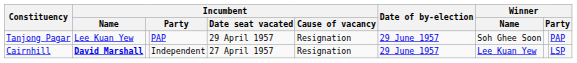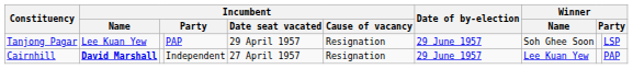 <table class="wikitable" border="1">
 <tr>
 <th rowspan="2">Constituency</th>
 <th colspan="5">Incumbent</th>
 <th rowspan="2">Date of by-election</th>
 <th colspan="3">Winner</th>
 </tr>
 <tr>
 <th>Name</th>
 <th colspan="2">Party</th>
 <th>Date seat vacated</th>
 <th>Cause of vacancy</th>
 <th>Name</th>
 <th colspan="2">Party</th>
 </tr>
 <tr>
 <td><a href='#'>Tanjong Pagar</a></td>
 <td><a href='#'>Lee Kuan Yew</a></td>
 <td></td>
 <td><a href='#'>PAP</a></td>
 <td>29 April 1957</td>
 <td>Resignation</td>
 <td><a href='#'>29 June 1957</a></td>
 <td>Soh Ghee Soon</td>
 <td></td>
-<td><a href='#'>PAP</a></td>
+<td><a href='#'>LSP</a></td>
 </tr>
 <tr>
 <td scope="row"><a href='#'>Cairnhill</a></td>
 <td><strong><a href='#'>David Marshall</a></strong></td>
 <td></td>
 <td>Independent</td>
 <td>27 April 1957</td>
 <td>Resignation</td>
 <td><a href='#'>29 June 1957</a></td>
 <td><a href='#'>Lee Kuan Yew</a></td>
 <td></td>
-<td><a href='#'>LSP</a></td>
+<td><a href='#'>PAP</a></td>
 </tr>
 </table>
